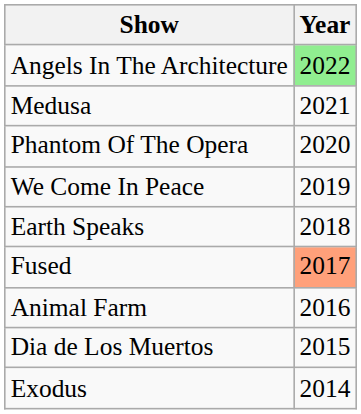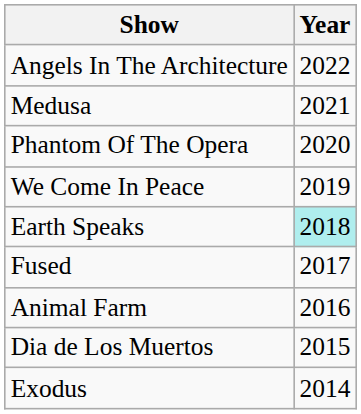 <table class="wikitable">
 <tr>
 <th>Show</th>
 <th>Year</th>
 </tr>
 <tr>
 <td>Angels In The Architecture</td>
-<td style="background: lightgreen;">2022</td>
+<td>2022</td>
 </tr>
 <tr>
 <td>Medusa</td>
 <td>2021</td>
 </tr>
 <tr>
 <td>Phantom Of The Opera</td>
 <td>2020</td>
 </tr>
 <tr>
 <td>We Come In Peace</td>
 <td>2019</td>
 </tr>
 <tr>
 <td>Earth Speaks</td>
-<td>2018</td>
+<td style="background: paleturquoise;">2018</td>
 </tr>
 <tr>
 <td>Fused</td>
-<td style="background: lightsalmon;">2017</td>
+<td>2017</td>
 </tr>
 <tr>
 <td>Animal Farm</td>
 <td>2016</td>
 </tr>
 <tr>
 <td>Dia de Los Muertos</td>
 <td>2015</td>
 </tr>
 <tr>
 <td>Exodus</td>
 <td>2014</td>
 </tr>
 </table>
